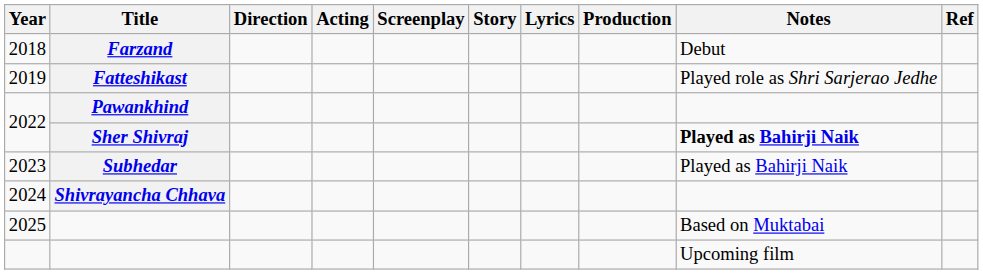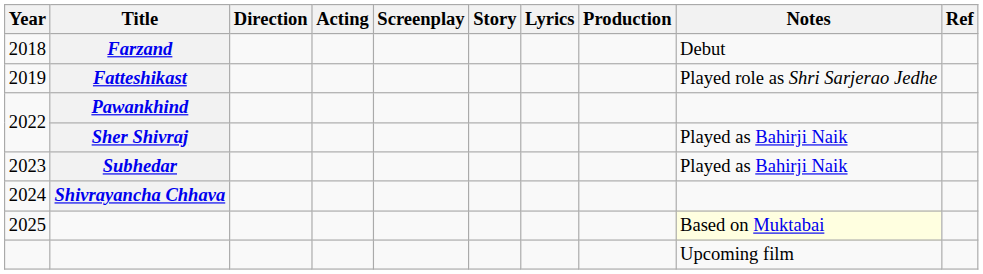 <table class="wikitable sortable plainrowheaders">
 <tr>
 <th scope="col">Year</th>
 <th scope="col">Title</th>
 <th scope="col">Direction</th>
 <th scope="col">Acting</th>
 <th scope="col">Screenplay</th>
 <th scope="col">Story</th>
 <th scope="col">Lyrics</th>
 <th scope="col">Production</th>
 <th scope="col">Notes</th>
 <th scope="col">Ref</th>
 </tr>
 <tr>
 <td>2018</td>
 <th scope="row"><em><a href='#'>Farzand</a></em></th>
 <td></td>
 <td></td>
 <td></td>
 <td></td>
 <td></td>
 <td></td>
 <td>Debut</td>
 <td></td>
 </tr>
 <tr>
 <td>2019</td>
 <th scope="row"><em><a href='#'>Fatteshikast</a></em></th>
 <td></td>
 <td></td>
 <td></td>
 <td></td>
 <td></td>
 <td></td>
 <td>Played role as <em>Shri Sarjerao Jedhe</em></td>
 <td></td>
 </tr>
 <tr>
 <td rowspan="2">2022</td>
 <th scope="row"><em><a href='#'>Pawankhind</a></em></th>
 <td></td>
 <td></td>
 <td></td>
 <td></td>
 <td></td>
 <td></td>
 <td></td>
 <td></td>
 </tr>
 <tr>
 <th scope="row"><em><a href='#'>Sher Shivraj</a></em></th>
 <td></td>
 <td></td>
 <td></td>
 <td></td>
 <td></td>
 <td></td>
-<td><strong>Played as <a href='#'>Bahirji Naik</a></strong></td>
+<td>Played as <a href='#'>Bahirji Naik</a></td>
 <td></td>
 </tr>
 <tr>
 <td>2023</td>
 <th scope="row"><em><a href='#'>Subhedar</a></em></th>
 <td></td>
 <td></td>
 <td></td>
 <td></td>
 <td></td>
 <td></td>
 <td>Played as <a href='#'>Bahirji Naik</a></td>
 <td></td>
 </tr>
 <tr>
 <td>2024</td>
 <th scope="row"><em><a href='#'>Shivrayancha Chhava</a></em></th>
 <td></td>
 <td></td>
 <td></td>
 <td></td>
 <td></td>
 <td></td>
 <td></td>
 <td></td>
 </tr>
 <tr>
 <td>2025</td>
 <td></td>
 <td></td>
 <td></td>
 <td></td>
 <td></td>
 <td></td>
 <td></td>
-<td>Based on <a href='#'>Muktabai</a></td>
+<td style="background: lightyellow;">Based on <a href='#'>Muktabai</a></td>
 <td></td>
 </tr>
 <tr>
 <td></td>
 <td></td>
 <td></td>
 <td></td>
 <td></td>
 <td></td>
 <td></td>
 <td></td>
 <td>Upcoming film</td>
 <td></td>
 </tr>
 </table>
